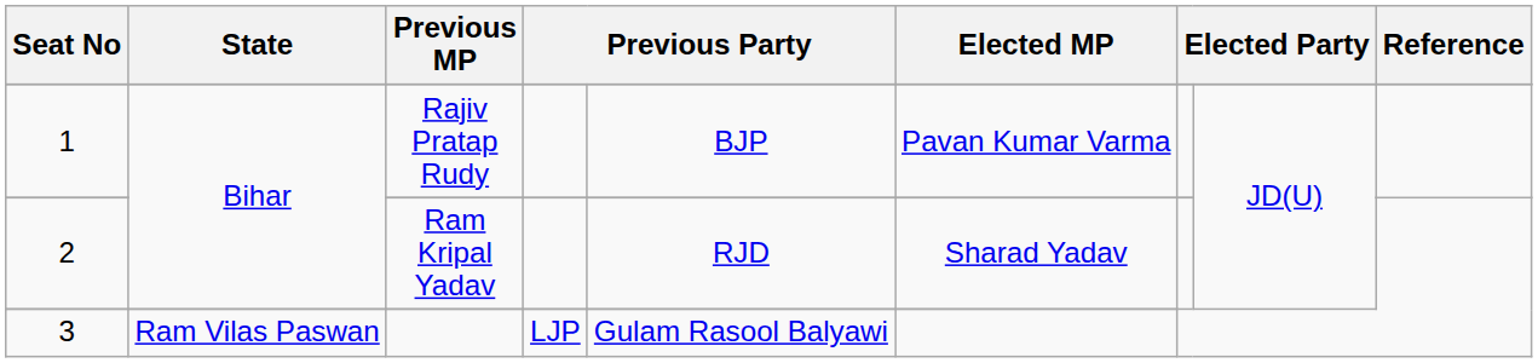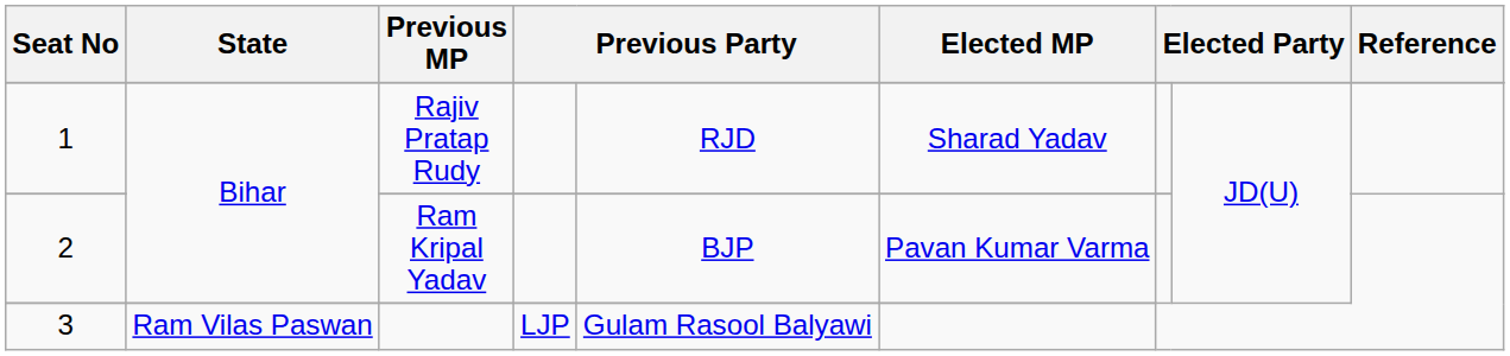 <table class="wikitable">
 <tr>
 <th>Seat No</th>
 <th>State</th>
 <th>Previous MP</th>
 <th colspan=2>Previous Party</th>
 <th>Elected MP</th>
 <th colspan=2>Elected Party</th>
 <th>Reference</th>
 </tr>
 <tr style="text-align:center;">
 </tr>
 <tr style="text-align:center;">
 <td>1</td>
 <td rowspan=3><a href='#'>Bihar</a></td>
 <td><a href='#'>Rajiv Pratap Rudy</a></td>
 <td width="1px"></td>
-<td><a href='#'>BJP</a></td>
-<td><a href='#'>Pavan Kumar Varma</a></td>
+<td><a href='#'>RJD</a></td>
+<td><a href='#'>Sharad Yadav</a></td>
 <td width="1px"></td>
 <td rowspan=3><a href='#'>JD(U)</a></td>
 <td rowspan=1></td>
 </tr>
 <tr>
 </tr>
 <tr style="text-align:center;">
 <td>2</td>
 <td><a href='#'>Ram Kripal Yadav</a></td>
 <td width="1px"></td>
-<td><a href='#'>RJD</a></td>
-<td><a href='#'>Sharad Yadav</a></td>
+<td><a href='#'>BJP</a></td>
+<td><a href='#'>Pavan Kumar Varma</a></td>
 <td rowspan=1></td>
 </tr>
 <tr>
 </tr>
 <tr style="text-align:center;">
 <td>3</td>
 <td><a href='#'>Ram Vilas Paswan</a></td>
 <td width="1px"></td>
 <td><a href='#'>LJP</a></td>
 <td><a href='#'>Gulam Rasool Balyawi</a></td>
 <td rowspan=1></td>
 </tr>
 </table>
